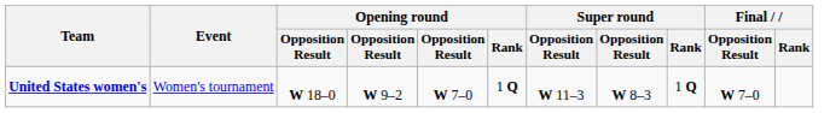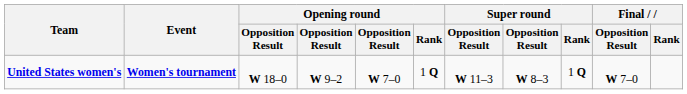 <table class=wikitable style=font-size:90%>
 <tr>
 <th rowspan=2>Team</th>
 <th rowspan=2>Event</th>
 <th colspan=4>Opening round</th>
 <th colspan=3>Super round</th>
 <th colspan=2>Final /  / </th>
 </tr>
 <tr style=font-size:95%>
 <th>Opposition<br>Result</th>
 <th>Opposition<br>Result</th>
 <th>Opposition<br>Result</th>
 <th>Rank</th>
 <th>Opposition<br>Result</th>
 <th>Opposition<br>Result</th>
 <th>Rank</th>
 <th>Opposition<br>Result</th>
 <th>Rank</th>
 </tr>
 <tr align=center>
 <td align=left><strong><a href='#'>United States women's</a></strong></td>
-<td align=left><a href='#'>Women's tournament</a></td>
+<td align=left><strong><a href='#'>Women's tournament</a></strong></td>
 <td><br><strong>W</strong> 18–0</td>
 <td><br><strong>W</strong> 9–2</td>
 <td><br><strong>W</strong> 7–0</td>
 <td>1 <strong>Q</strong></td>
 <td><br><strong>W</strong> 11–3</td>
 <td><br><strong>W</strong> 8–3</td>
 <td>1 <strong>Q</strong></td>
 <td><br><strong>W</strong> 7–0</td>
 <td></td>
 </tr>
 </table>
